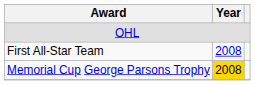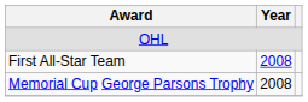 <table class="wikitable">
 <tr>
 <th>Award</th>
 <th>Year</th>
 <th></th>
 </tr>
 <tr ALIGN="center" bgcolor="#e0e0e0">
 <td colspan="3"><a href='#'>OHL</a></td>
 </tr>
 <tr>
 <td>First All-Star Team</td>
 <td><a href='#'>2008</a></td>
 <td></td>
 </tr>
 <tr>
 <td><a href='#'>Memorial Cup</a> <a href='#'>George Parsons Trophy</a></td>
-<td style="background: gold;">2008</td>
+<td>2008</td>
 <td></td>
 </tr>
 <tr>
 </tr>
 </table>
